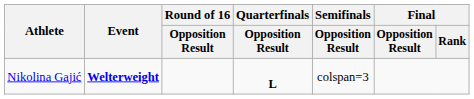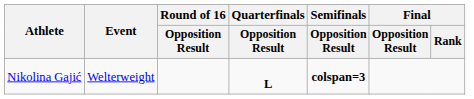 <table class="wikitable" style="font-size:90%">
 <tr>
 <th rowspan=2>Athlete</th>
 <th rowspan=2>Event</th>
 <th>Round of 16</th>
 <th>Quarterfinals</th>
 <th>Semifinals</th>
 <th colspan=2>Final</th>
 </tr>
 <tr style="font-size:95%">
 <th>Opposition<br>Result</th>
 <th>Opposition<br>Result</th>
 <th>Opposition<br>Result</th>
 <th>Opposition<br>Result</th>
 <th>Rank</th>
 </tr>
 <tr align=center>
 <td align=left><a href='#'>Nikolina Gajić</a></td>
-<td align=left><strong><a href='#'>Welterweight</a></strong></td>
+<td align=left><a href='#'>Welterweight</a></td>
 <td></td>
 <td><br><strong>L</strong> </td>
-<td>colspan=3 </td>
+<td><strong>colspan=3 </strong></td>
 </tr>
 </table>
